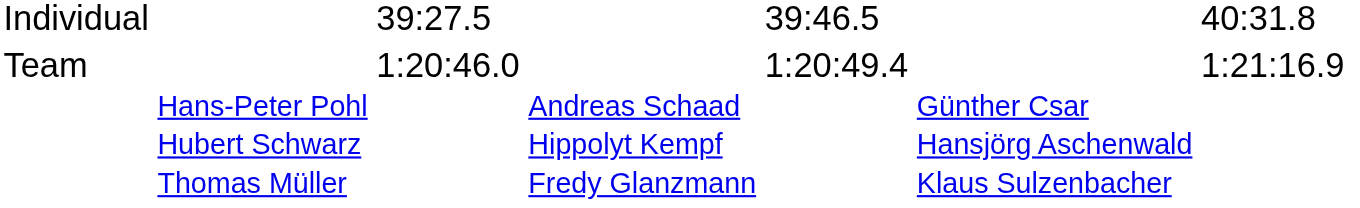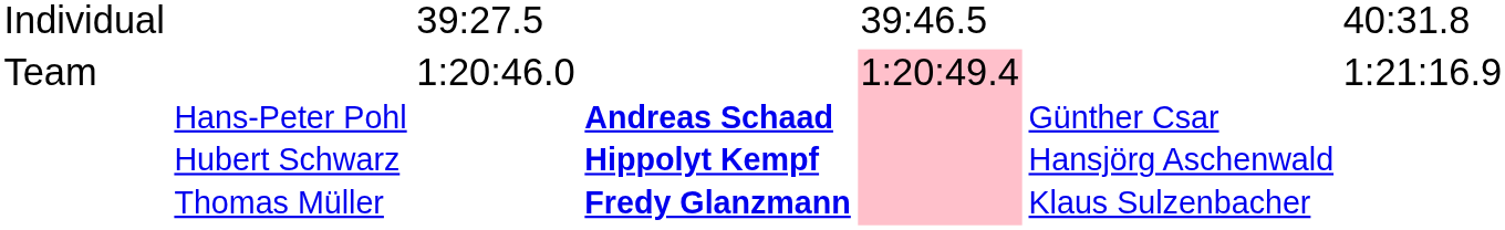 <table>
 <tr valign="top">
 <td>Individual <br></td>
 <td></td>
 <td>39:27.5</td>
 <td></td>
 <td>39:46.5</td>
 <td></td>
 <td>40:31.8</td>
 </tr>
 <tr valign="top">
 <td>Team <br></td>
 <td> <small><br><a href='#'>Hans-Peter Pohl</a><br><a href='#'>Hubert Schwarz</a><br><a href='#'>Thomas Müller</a></small></td>
 <td>1:20:46.0</td>
-<td> <small><br><a href='#'>Andreas Schaad</a><br><a href='#'>Hippolyt Kempf</a><br><a href='#'>Fredy Glanzmann</a></small></td>
-<td>1:20:49.4</td>
+<td><strong> <small><br><a href='#'>Andreas Schaad</a><br><a href='#'>Hippolyt Kempf</a><br><a href='#'>Fredy Glanzmann</a></small></strong></td>
+<td style="background: pink;">1:20:49.4</td>
 <td> <small><br><a href='#'>Günther Csar</a><br><a href='#'>Hansjörg Aschenwald</a><br><a href='#'>Klaus Sulzenbacher</a></small></td>
 <td>1:21:16.9</td>
 </tr>
 </table>
